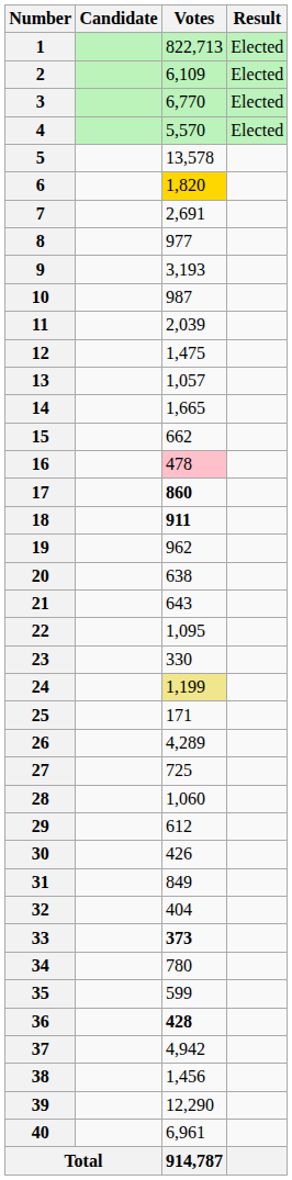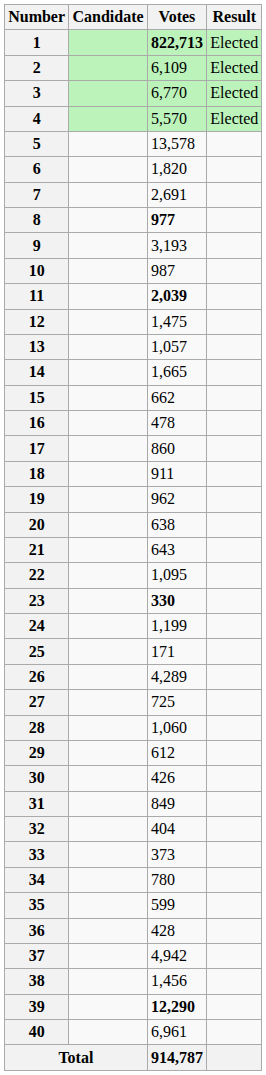 <table class="wikitable sortable col3right">
 <tr>
 <th scope="col">Number</th>
 <th scope="col">Candidate</th>
 <th scope="col">Votes</th>
 <th scope="col">Result</th>
 </tr>
 <tr bgcolor=bbf3bb>
 <th scope="row">1</th>
 <td></td>
-<td>822,713</td>
+<td><strong>822,713</strong></td>
 <td>Elected</td>
 </tr>
 <tr bgcolor=bbf3bb>
 <th scope="row">2</th>
 <td></td>
 <td>6,109</td>
 <td>Elected</td>
 </tr>
 <tr bgcolor=bbf3bb>
 <th scope="row">3</th>
 <td></td>
 <td>6,770</td>
 <td>Elected</td>
 </tr>
 <tr bgcolor=bbf3bb>
 <th scope="row">4</th>
 <td></td>
 <td>5,570</td>
 <td>Elected</td>
 </tr>
 <tr>
 <th scope="row">5</th>
 <td></td>
 <td>13,578</td>
 <td></td>
 </tr>
 <tr>
 <th scope="row">6</th>
 <td></td>
-<td style="background: gold;">1,820</td>
+<td>1,820</td>
 <td></td>
 </tr>
 <tr>
 <th scope="row">7</th>
 <td></td>
 <td>2,691</td>
 <td></td>
 </tr>
 <tr>
 <th scope="row">8</th>
 <td></td>
-<td>977</td>
+<td><strong>977</strong></td>
 <td></td>
 </tr>
 <tr>
 <th scope="row">9</th>
 <td></td>
 <td>3,193</td>
 <td></td>
 </tr>
 <tr>
 <th scope="row">10</th>
 <td></td>
 <td>987</td>
 <td></td>
 </tr>
 <tr>
 <th scope="row">11</th>
 <td></td>
-<td>2,039</td>
+<td><strong>2,039</strong></td>
 <td></td>
 </tr>
 <tr>
 <th scope="row">12</th>
 <td></td>
 <td>1,475</td>
 <td></td>
 </tr>
 <tr>
 <th scope="row">13</th>
 <td></td>
 <td>1,057</td>
 <td></td>
 </tr>
 <tr>
 <th scope="row">14</th>
 <td></td>
 <td>1,665</td>
 <td></td>
 </tr>
 <tr>
 <th scope="row">15</th>
 <td></td>
 <td>662</td>
 <td></td>
 </tr>
 <tr>
 <th scope="row">16</th>
 <td></td>
-<td style="background: pink;">478</td>
+<td>478</td>
 <td></td>
 </tr>
 <tr>
 <th scope="row">17</th>
 <td></td>
-<td><strong>860</strong></td>
+<td>860</td>
 <td></td>
 </tr>
 <tr>
 <th scope="row">18</th>
 <td></td>
-<td><strong>911</strong></td>
+<td>911</td>
 <td></td>
 </tr>
 <tr>
 <th scope="row">19</th>
 <td></td>
 <td>962</td>
 <td></td>
 </tr>
 <tr>
 <th scope="row">20</th>
 <td></td>
 <td>638</td>
 <td></td>
 </tr>
 <tr>
 <th scope="row">21</th>
 <td></td>
 <td>643</td>
 <td></td>
 </tr>
 <tr>
 <th scope="row">22</th>
 <td></td>
 <td>1,095</td>
 <td></td>
 </tr>
 <tr>
 <th scope="row">23</th>
 <td></td>
-<td>330</td>
+<td><strong>330</strong></td>
 <td></td>
 </tr>
 <tr>
 <th scope="row">24</th>
 <td></td>
-<td style="background: khaki;">1,199</td>
+<td>1,199</td>
 <td></td>
 </tr>
 <tr>
 <th scope="row">25</th>
 <td></td>
 <td>171</td>
 <td></td>
 </tr>
 <tr>
 <th scope="row">26</th>
 <td></td>
 <td>4,289</td>
 <td></td>
 </tr>
 <tr>
 <th scope="row">27</th>
 <td></td>
 <td>725</td>
 <td></td>
 </tr>
 <tr>
 <th scope="row">28</th>
 <td></td>
 <td>1,060</td>
 <td></td>
 </tr>
 <tr>
 <th scope="row">29</th>
 <td></td>
 <td>612</td>
 <td></td>
 </tr>
 <tr>
 <th scope="row">30</th>
 <td></td>
 <td>426</td>
 <td></td>
 </tr>
 <tr>
 <th scope="row">31</th>
 <td></td>
 <td>849</td>
 <td></td>
 </tr>
 <tr>
 <th scope="row">32</th>
 <td></td>
 <td>404</td>
 <td></td>
 </tr>
 <tr>
 <th scope="row">33</th>
 <td></td>
-<td><strong>373</strong></td>
+<td>373</td>
 <td></td>
 </tr>
 <tr>
 <th scope="row">34</th>
 <td></td>
 <td>780</td>
 <td></td>
 </tr>
 <tr>
 <th scope="row">35</th>
 <td></td>
 <td>599</td>
 <td></td>
 </tr>
 <tr>
 <th scope="row">36</th>
 <td></td>
-<td><strong>428</strong></td>
+<td>428</td>
 <td></td>
 </tr>
 <tr>
 <th scope="row">37</th>
 <td></td>
 <td>4,942</td>
 <td></td>
 </tr>
 <tr>
 <th scope="row">38</th>
 <td></td>
 <td>1,456</td>
 <td></td>
 </tr>
 <tr>
 <th scope="row">39</th>
 <td></td>
-<td>12,290</td>
+<td><strong>12,290</strong></td>
 <td></td>
 </tr>
 <tr>
 <th scope="row">40</th>
 <td></td>
 <td>6,961</td>
 <td></td>
 </tr>
 <tr class="sortbottom">
 <th scope="row" colspan="2">Total</th>
 <th style="text-align:right">914,787</th>
 <th></th>
 </tr>
 </table>
